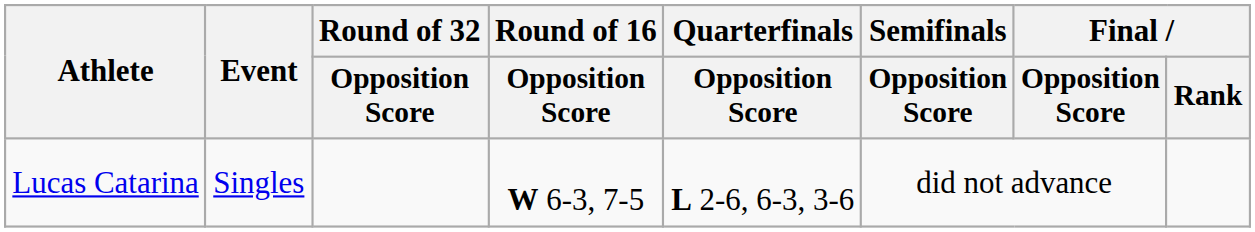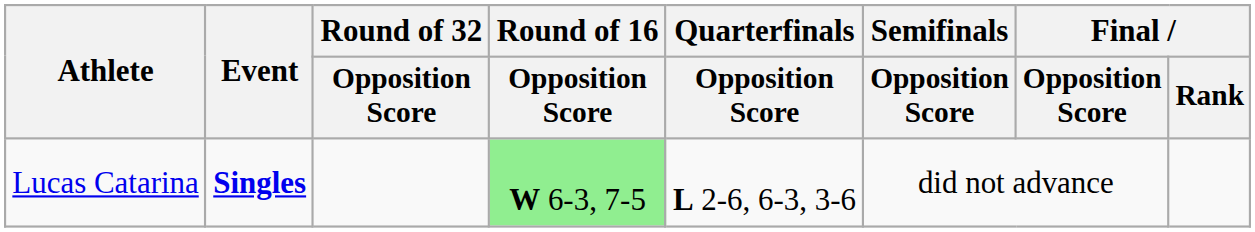 <table class=wikitable style="font-size:90%">
 <tr>
 <th rowspan="2">Athlete</th>
 <th rowspan="2">Event</th>
 <th>Round of 32</th>
 <th>Round of 16</th>
 <th>Quarterfinals</th>
 <th>Semifinals</th>
 <th colspan=2>Final / </th>
 </tr>
 <tr style="font-size:95%">
 <th>Opposition<br>Score</th>
 <th>Opposition<br>Score</th>
 <th>Opposition<br>Score</th>
 <th>Opposition<br>Score</th>
 <th>Opposition<br>Score</th>
 <th>Rank</th>
 </tr>
 <tr align=center>
 <td align=left><a href='#'>Lucas Catarina</a></td>
-<td align=left><a href='#'>Singles</a></td>
+<td align=left><strong><a href='#'>Singles</a></strong></td>
 <td></td>
-<td><br><strong>W</strong> 6-3, 7-5</td>
+<td style="background: lightgreen;"><br><strong>W</strong> 6-3, 7-5</td>
 <td><br><strong>L</strong> 2-6, 6-3, 3-6</td>
 <td colspan=2>did not advance</td>
 </tr>
 </table>
